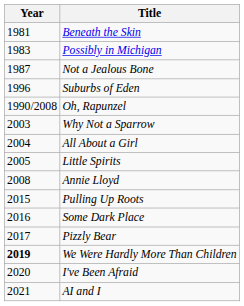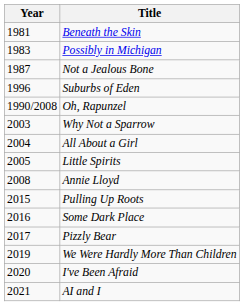 <table class="wikitable">
 <tr>
 <th>Year</th>
 <th>Title</th>
 </tr>
 <tr>
 <td>1981</td>
 <td><em><a href='#'>Beneath the Skin</a></em></td>
 </tr>
 <tr>
 <td>1983</td>
 <td><em><a href='#'>Possibly in Michigan</a></em></td>
 </tr>
 <tr>
 <td>1987</td>
 <td><em>Not a Jealous Bone</em></td>
 </tr>
 <tr>
 <td>1996</td>
 <td><em>Suburbs of Eden</em></td>
 </tr>
 <tr>
 <td>1990/2008</td>
 <td><em>Oh, Rapunzel</em></td>
 </tr>
 <tr>
 <td>2003</td>
 <td><em>Why Not a Sparrow</em></td>
 </tr>
 <tr>
 <td>2004</td>
 <td><em>All About a Girl</em></td>
 </tr>
 <tr>
 <td>2005</td>
 <td><em>Little Spirits</em></td>
 </tr>
 <tr>
 <td>2008</td>
 <td><em>Annie Lloyd</em></td>
 </tr>
 <tr>
 <td>2015</td>
 <td><em>Pulling Up Roots</em></td>
 </tr>
 <tr>
 <td>2016</td>
 <td><em>Some Dark Place</em></td>
 </tr>
 <tr>
 <td>2017</td>
 <td><em>Pizzly Bear</em></td>
 </tr>
 <tr>
-<td><strong>2019</strong></td>
+<td>2019</td>
 <td><em>We Were Hardly More Than Children</em></td>
 </tr>
 <tr>
 <td>2020</td>
 <td><em>I've Been Afraid</em></td>
 </tr>
 <tr>
 <td>2021</td>
 <td><em>AI and I</em></td>
 </tr>
 </table>
